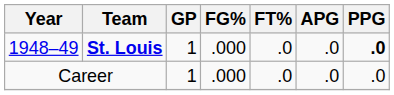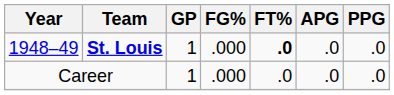 <table class="wikitable sortable" style="font-size:95%; text-align:right;">
 <tr>
 <th>Year</th>
 <th>Team</th>
 <th>GP</th>
 <th>FG%</th>
 <th>FT%</th>
 <th>APG</th>
 <th>PPG</th>
 </tr>
 <tr>
 <td style="text-align:left;"><a href='#'>1948–49</a></td>
 <td style="text-align:left;"><strong><a href='#'>St. Louis</a></strong></td>
 <td>1</td>
 <td>.000</td>
+<td><strong>.0</strong></td>
 <td>.0</td>
 <td>.0</td>
-<td><strong>.0</strong></td>
 </tr>
 <tr>
 <td style="text-align:center;" colspan="2">Career</td>
 <td>1</td>
 <td>.000</td>
 <td>.0</td>
 <td>.0</td>
 <td>.0</td>
 </tr>
 <tr>
 </tr>
 </table>
